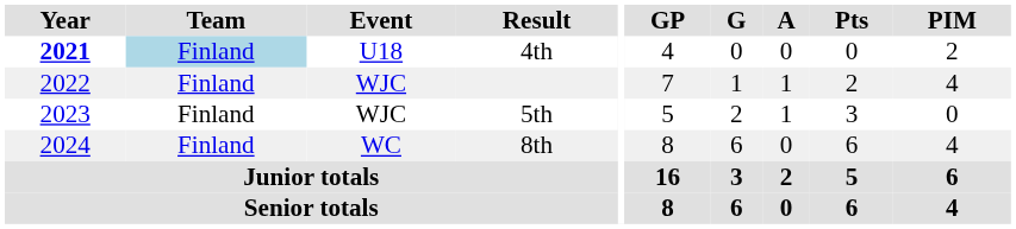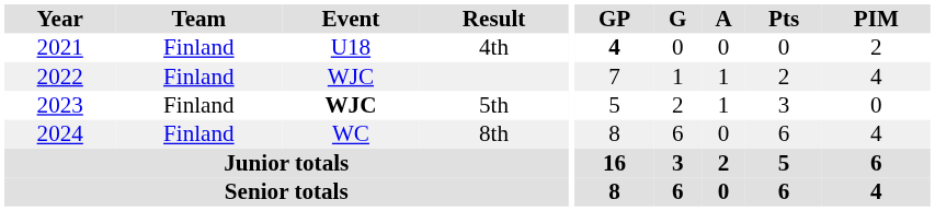 <table border="0" cellpadding="1" cellspacing="0" ID="Table3" style="text-align:center; width:40em">
 <tr ALIGN="center" bgcolor="#e0e0e0">
 <th>Year</th>
 <th>Team</th>
 <th>Event</th>
 <th>Result</th>
 <th rowspan="99" bgcolor="#ffffff"></th>
 <th>GP</th>
 <th>G</th>
 <th>A</th>
 <th>Pts</th>
 <th>PIM</th>
 </tr>
 <tr>
-<td><strong><a href='#'>2021</a></strong></td>
-<td style="background: lightblue;"><a href='#'>Finland</a></td>
+<td><a href='#'>2021</a></td>
+<td><a href='#'>Finland</a></td>
 <td><a href='#'>U18</a></td>
 <td>4th</td>
-<td>4</td>
+<td><strong>4</strong></td>
 <td>0</td>
 <td>0</td>
 <td>0</td>
 <td>2</td>
 </tr>
 <tr bgcolor="#f0f0f0">
 <td><a href='#'>2022</a></td>
 <td><a href='#'>Finland</a></td>
 <td><a href='#'>WJC</a></td>
 <td></td>
 <td>7</td>
 <td>1</td>
 <td>1</td>
 <td>2</td>
 <td>4</td>
 </tr>
 <tr>
 <td><a href='#'>2023</a></td>
 <td>Finland</td>
-<td>WJC</td>
+<td><strong>WJC</strong></td>
 <td>5th</td>
 <td>5</td>
 <td>2</td>
 <td>1</td>
 <td>3</td>
 <td>0</td>
 </tr>
 <tr bgcolor="#f0f0f0">
 <td><a href='#'>2024</a></td>
 <td><a href='#'>Finland</a></td>
 <td><a href='#'>WC</a></td>
 <td>8th</td>
 <td>8</td>
 <td>6</td>
 <td>0</td>
 <td>6</td>
 <td>4</td>
 </tr>
 <tr ALIGN="center" bgcolor="#e0e0e0">
 <th colspan=4>Junior totals</th>
 <th>16</th>
 <th>3</th>
 <th>2</th>
 <th>5</th>
 <th>6</th>
 </tr>
 <tr ALIGN="center" bgcolor="#e0e0e0">
 <th colspan=4>Senior totals</th>
 <th>8</th>
 <th>6</th>
 <th>0</th>
 <th>6</th>
 <th>4</th>
 </tr>
 </table>
